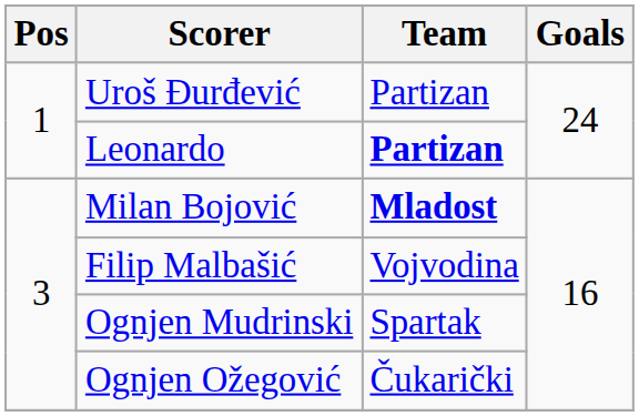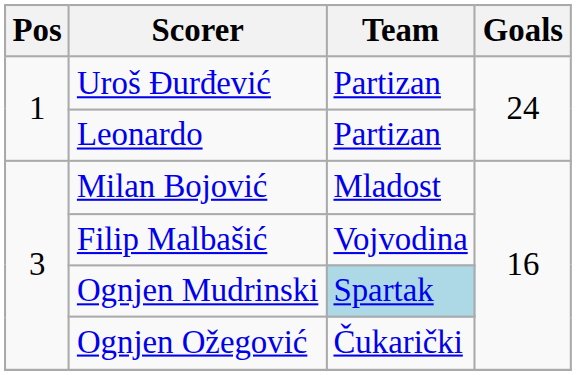 <table class="wikitable">
 <tr>
 <th>Pos</th>
 <th>Scorer</th>
 <th>Team</th>
 <th align=center>Goals</th>
 </tr>
 <tr>
 <td rowspan="2" style="text-align:center;">1</td>
 <td> <a href='#'>Uroš Đurđević</a></td>
 <td><a href='#'>Partizan</a></td>
 <td rowspan="2" style="text-align:center;">24</td>
 </tr>
 <tr>
 <td> <a href='#'>Leonardo</a></td>
-<td><strong><a href='#'>Partizan</a></strong></td>
+<td><a href='#'>Partizan</a></td>
 </tr>
 <tr>
 <td rowspan=4 style="text-align:center;">3</td>
 <td> <a href='#'>Milan Bojović</a></td>
-<td><strong><a href='#'>Mladost</a></strong></td>
+<td><a href='#'>Mladost</a></td>
 <td rowspan=4 style="text-align:center;">16</td>
 </tr>
 <tr>
 <td> <a href='#'>Filip Malbašić</a></td>
 <td><a href='#'>Vojvodina</a></td>
 </tr>
 <tr>
 <td> <a href='#'>Ognjen Mudrinski</a></td>
-<td><a href='#'>Spartak</a></td>
+<td style="background: lightblue;"><a href='#'>Spartak</a></td>
 </tr>
 <tr>
 <td> <a href='#'>Ognjen Ožegović</a></td>
 <td><a href='#'>Čukarički</a></td>
 </tr>
 <tr>
 </tr>
 </table>
